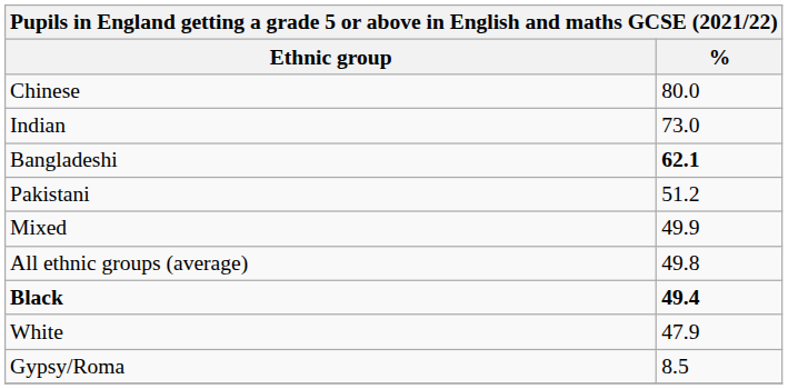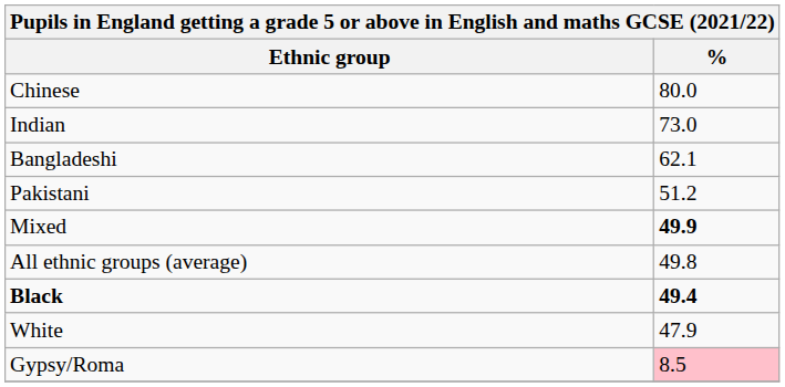 <table class="wikitable sortable">
 <tr>
 <th colspan="3">Pupils in England getting a grade 5 or above in English and maths GCSE (2021/22)</th>
 </tr>
 <tr>
 <th>Ethnic group</th>
 <th>%</th>
 </tr>
 <tr>
 <td>Chinese</td>
 <td>80.0</td>
 </tr>
 <tr>
 <td>Indian</td>
 <td>73.0</td>
 </tr>
 <tr>
 <td>Bangladeshi</td>
-<td><strong>62.1</strong></td>
+<td>62.1</td>
 </tr>
 <tr>
 <td>Pakistani</td>
 <td>51.2</td>
 </tr>
 <tr>
 <td>Mixed</td>
-<td>49.9</td>
+<td><strong>49.9</strong></td>
 </tr>
 <tr>
 <td>All ethnic groups (average)</td>
 <td>49.8</td>
 </tr>
 <tr>
 <td><strong>Black</strong></td>
 <td><strong>49.4</strong></td>
 </tr>
 <tr>
 <td>White</td>
 <td>47.9</td>
 </tr>
 <tr>
 <td>Gypsy/Roma</td>
-<td>8.5</td>
+<td style="background: pink;">8.5</td>
 </tr>
 <tr>
 </tr>
 </table>
